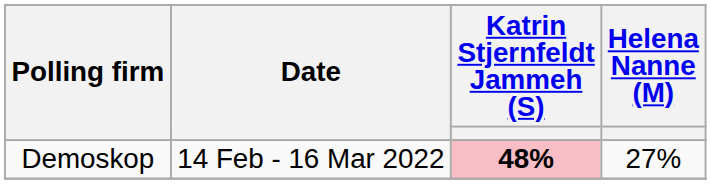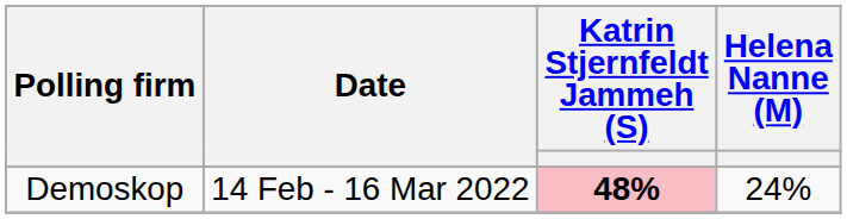 <table class="wikitable sortable" style="text-align:center;font-size:90%;line-height:14px;">
 <tr style="height:40px;">
 <th rowspan="2">Polling firm</th>
 <th rowspan="2">Date</th>
 <th class="sortable" style="width:40px;"><a href='#'>Katrin Stjernfeldt Jammeh (S)</a></th>
 <th class="sortable" style="width:40px;"><a href='#'>Helena Nanne (M)</a></th>
 </tr>
 <tr>
 <th style="background:"></th>
 <th style="background:"></th>
 </tr>
 <tr>
 <td>Demoskop</td>
 <td>14 Feb - 16 Mar 2022</td>
 <td style="background:#F9BDC5;"><strong>48%</strong></td>
-<td>27%</td>
+<td>24%</td>
 </tr>
 <tr>
 </tr>
 </table>
